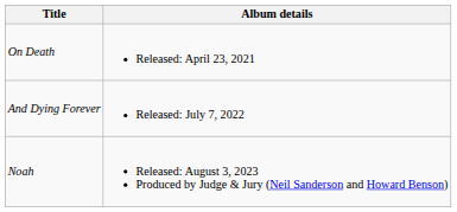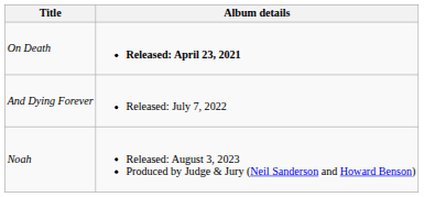 <table class="wikitable">
 <tr>
 <th>Title</th>
 <th>Album details</th>
 </tr>
 <tr>
 <td><em>On Death</em></td>
-<td><br><ul><li>Released: April 23, 2021</li></ul></td>
+<td><strong><br><ul><li>Released: April 23, 2021</li></ul></strong></td>
 </tr>
 <tr>
 <td><em>And Dying Forever</em></td>
 <td><br><ul><li>Released: July 7, 2022</li></ul></td>
 </tr>
 <tr>
 <td><em>Noah</em></td>
 <td><br><ul><li>Released: August 3, 2023</li><li>Produced by Judge & Jury (<a href='#'>Neil Sanderson</a> and <a href='#'>Howard Benson</a>)</li></ul></td>
 </tr>
 </table>
